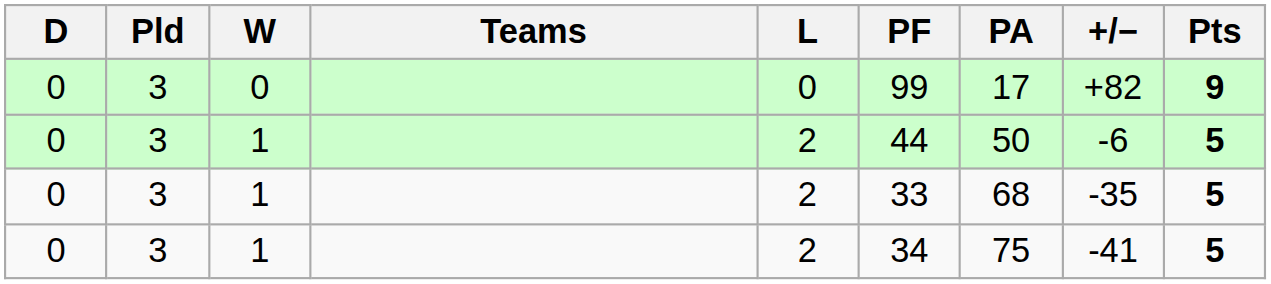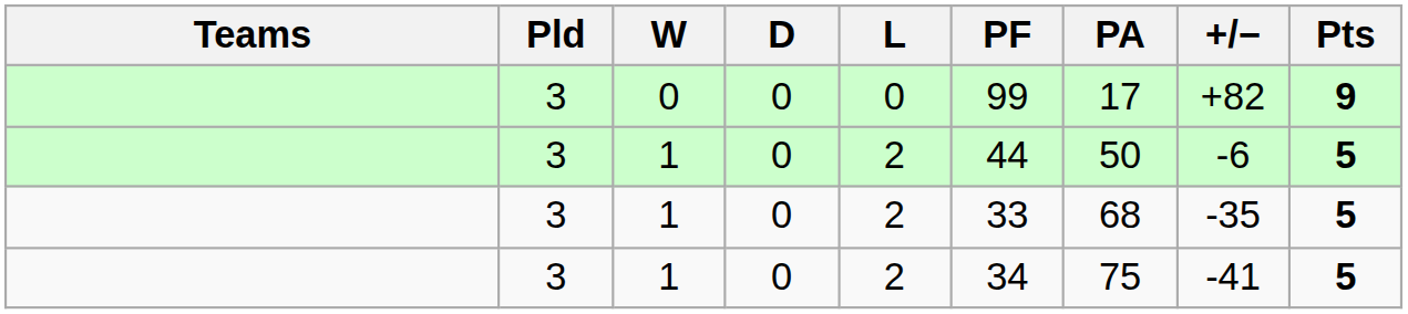 <table class="wikitable" style="text-align: center;">
 <tr>
-<th width="40">D</th>
+<th width="200">Teams</th>
 <th width="40">Pld</th>
 <th width="40">W</th>
-<th width="200">Teams</th>
+<th width="40">D</th>
 <th width="40">L</th>
 <th width="40">PF</th>
 <th width="40">PA</th>
 <th width="40">+/−</th>
 <th width="40">Pts</th>
 </tr>
 <tr bgcolor=#ccffcc>
-<td>0</td>
+<td align=left></td>
 <td>3</td>
 <td>0</td>
-<td align=left></td>
+<td>0</td>
 <td>0</td>
 <td>99</td>
 <td>17</td>
 <td>+82</td>
 <td><strong>9</strong></td>
 </tr>
 <tr bgcolor=#ccffcc>
-<td>0</td>
+<td align=left></td>
 <td>3</td>
 <td>1</td>
-<td align=left></td>
+<td>0</td>
 <td>2</td>
 <td>44</td>
 <td>50</td>
 <td>-6</td>
 <td><strong>5</strong></td>
 </tr>
 <tr>
-<td>0</td>
+<td align=left></td>
 <td>3</td>
 <td>1</td>
-<td align=left></td>
+<td>0</td>
 <td>2</td>
 <td>33</td>
 <td>68</td>
 <td>-35</td>
 <td><strong>5</strong></td>
 </tr>
 <tr>
-<td>0</td>
+<td align=left></td>
 <td>3</td>
 <td>1</td>
-<td align=left></td>
+<td>0</td>
 <td>2</td>
 <td>34</td>
 <td>75</td>
 <td>-41</td>
 <td><strong>5</strong></td>
 </tr>
 </table>
